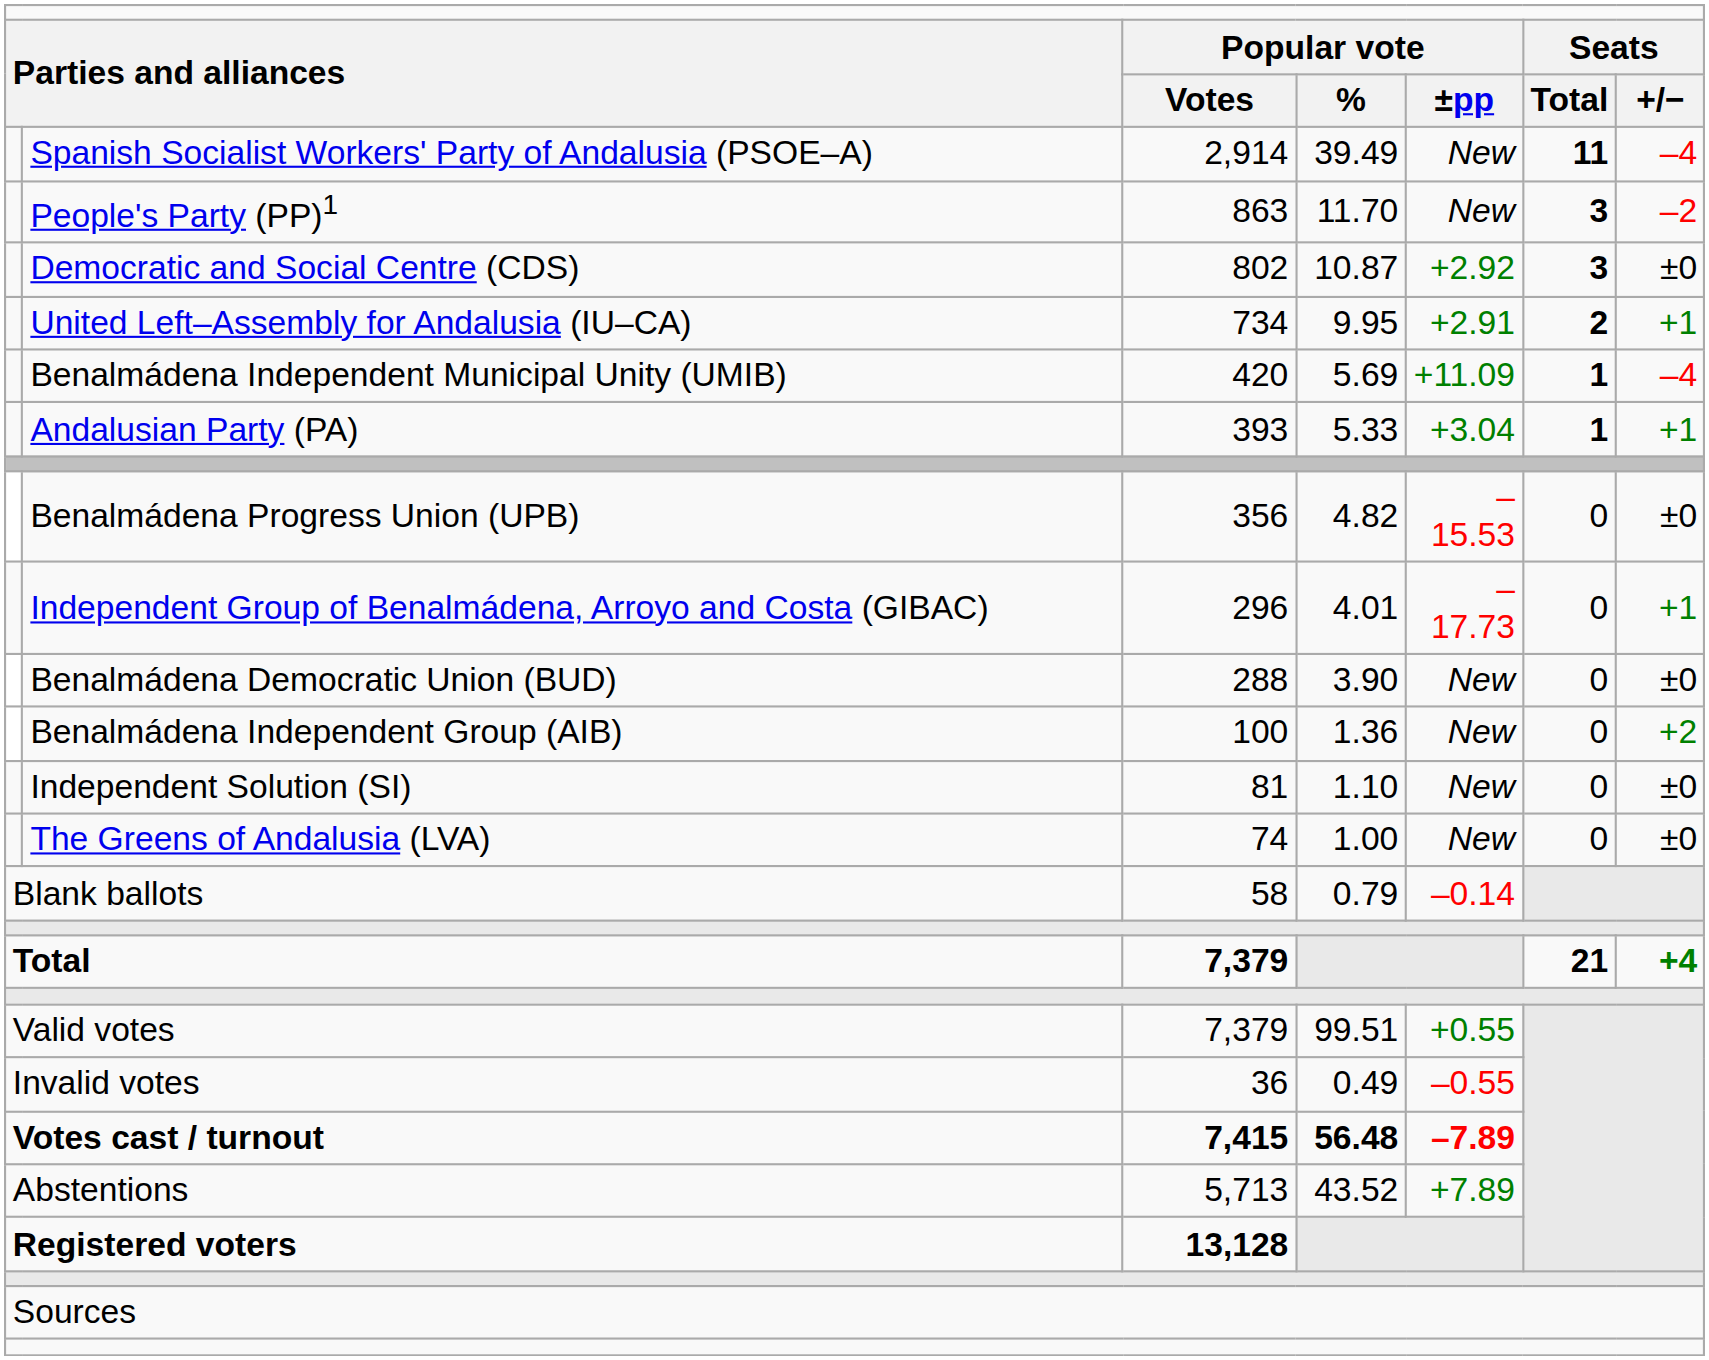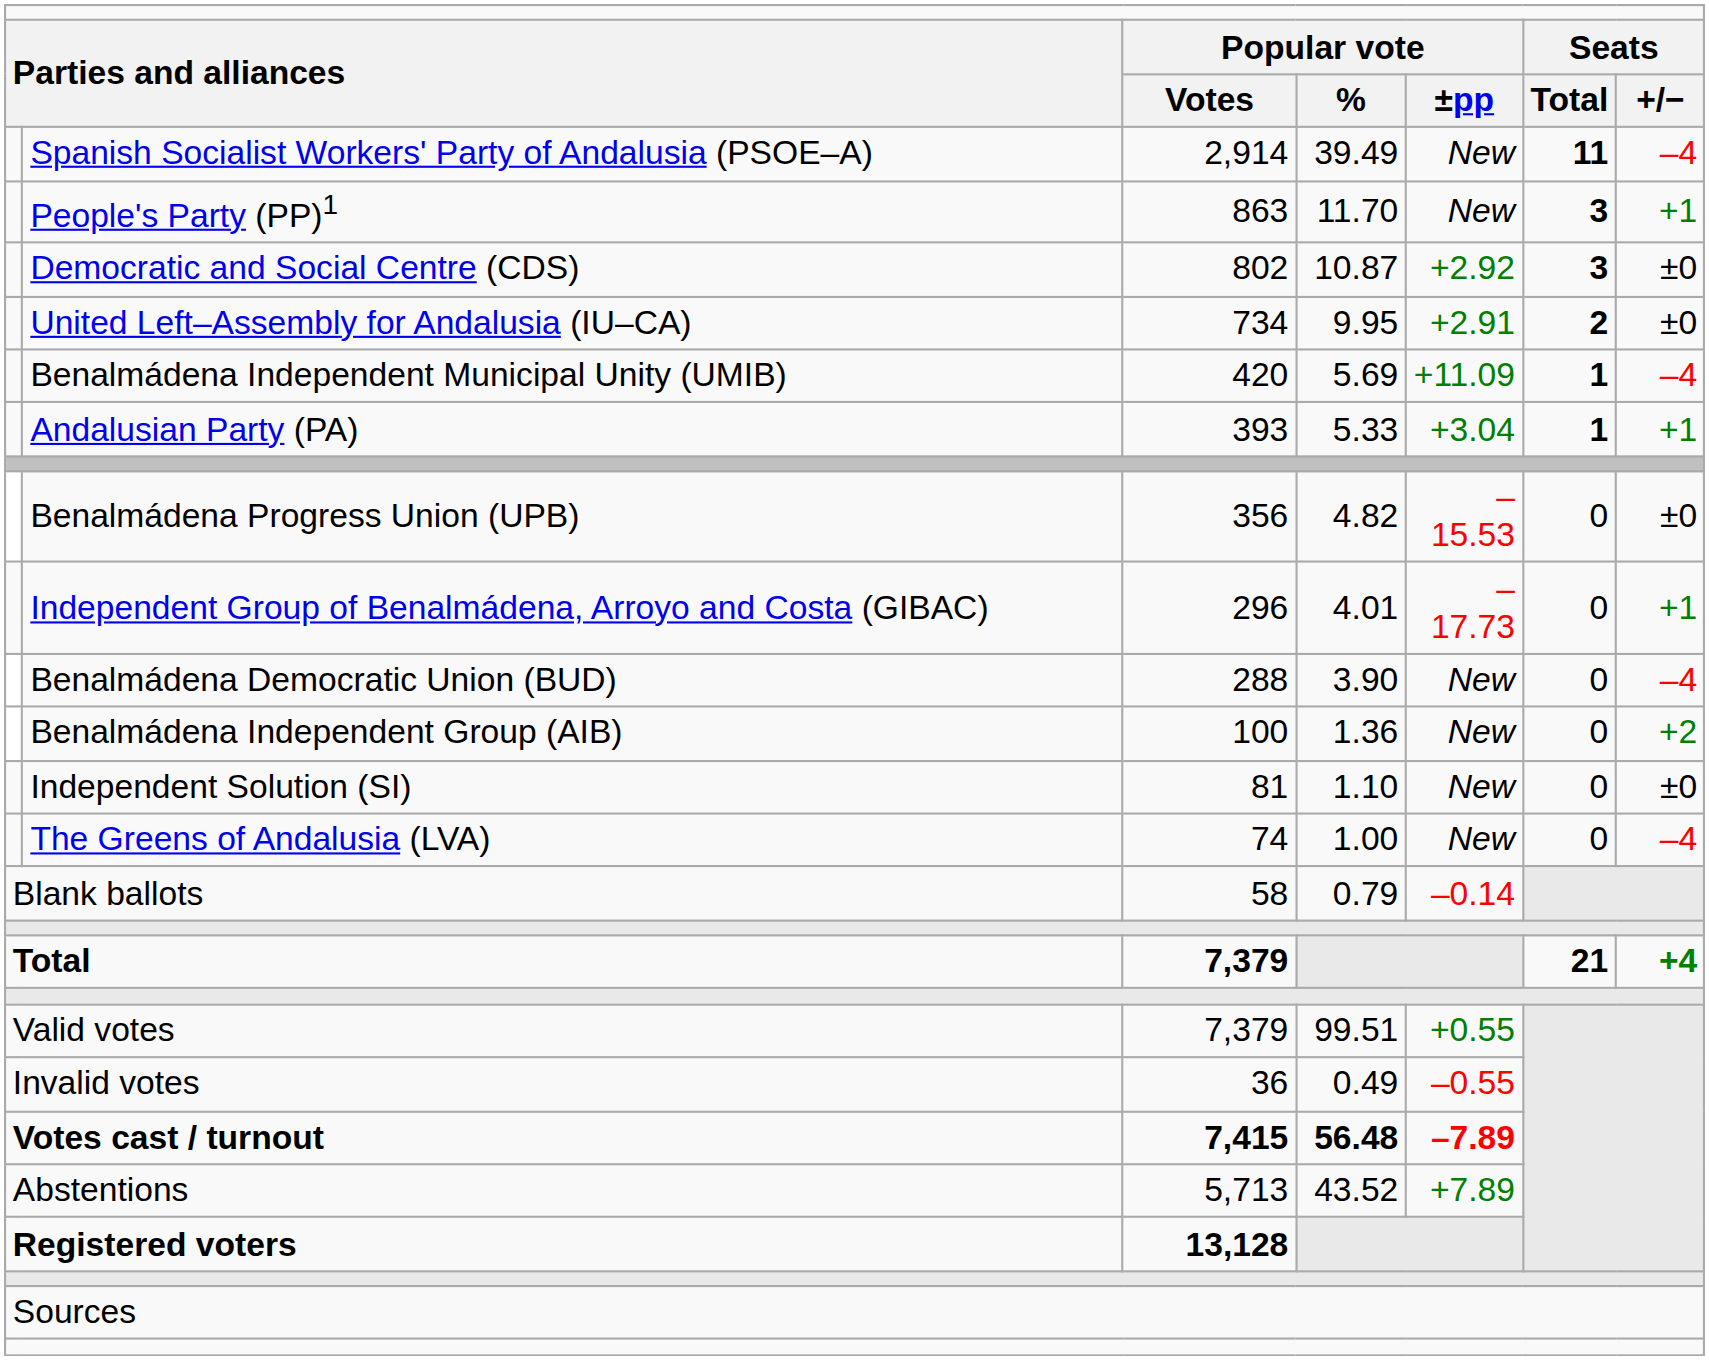 <table class="wikitable" style="text-align:right;">
 <tr>
 <td colspan="7"></td>
 </tr>
 <tr>
 <th style="text-align:left;" rowspan="2" colspan="2" width="525">Parties and alliances</th>
 <th colspan="3">Popular vote</th>
 <th colspan="2">Seats</th>
 </tr>
 <tr>
 <th width="75">Votes</th>
 <th width="45">%</th>
 <th width="45">±<a href='#'>pp</a></th>
 <th width="35">Total</th>
 <th width="35">+/−</th>
 </tr>
 <tr>
 <td width="1" style="color:inherit;background:"></td>
 <td align="left"><a href='#'>Spanish Socialist Workers' Party of Andalusia</a> (PSOE–A)</td>
 <td>2,914</td>
 <td>39.49</td>
 <td><em>New</em></td>
 <td><strong>11</strong></td>
 <td style="color:red;">–4</td>
 </tr>
 <tr>
 <td style="color:inherit;background:"></td>
 <td align="left"><a href='#'>People's Party</a> (PP)<sup>1</sup></td>
 <td>863</td>
 <td>11.70</td>
 <td><em>New</em></td>
 <td><strong>3</strong></td>
-<td style="color:red;">–2</td>
+<td style="color:green;">+1</td>
 </tr>
 <tr>
 <td style="color:inherit;background:"></td>
 <td align="left"><a href='#'>Democratic and Social Centre</a> (CDS)</td>
 <td>802</td>
 <td>10.87</td>
 <td style="color:green;">+2.92</td>
 <td><strong>3</strong></td>
 <td>±0</td>
 </tr>
 <tr>
 <td style="color:inherit;background:"></td>
 <td align="left"><a href='#'>United Left–Assembly for Andalusia</a> (IU–CA)</td>
 <td>734</td>
 <td>9.95</td>
 <td style="color:green;">+2.91</td>
 <td><strong>2</strong></td>
-<td style="color:green;">+1</td>
+<td>±0</td>
 </tr>
 <tr>
 <td style="color:inherit;background:"></td>
 <td align="left">Benalmádena Independent Municipal Unity (UMIB)</td>
 <td>420</td>
 <td>5.69</td>
 <td style="color:green;">+11.09</td>
 <td><strong>1</strong></td>
 <td style="color:red;">–4</td>
 </tr>
 <tr>
 <td style="color:inherit;background:"></td>
 <td align="left"><a href='#'>Andalusian Party</a> (PA)</td>
 <td>393</td>
 <td>5.33</td>
 <td style="color:green;">+3.04</td>
 <td><strong>1</strong></td>
 <td style="color:green;">+1</td>
 </tr>
 <tr>
 <td colspan="7" bgcolor="#C0C0C0"></td>
 </tr>
 <tr>
 <td bgcolor="white"></td>
 <td align="left">Benalmádena Progress Union (UPB)</td>
 <td>356</td>
 <td>4.82</td>
 <td style="color:red;">–15.53</td>
 <td>0</td>
 <td>±0</td>
 </tr>
 <tr>
 <td style="color:inherit;background:"></td>
 <td align="left"><a href='#'>Independent Group of Benalmádena, Arroyo and Costa</a> (GIBAC)</td>
 <td>296</td>
 <td>4.01</td>
 <td style="color:red;">–17.73</td>
 <td>0</td>
 <td style="color:green;">+1</td>
 </tr>
 <tr>
 <td bgcolor="white"></td>
 <td align="left">Benalmádena Democratic Union (BUD)</td>
 <td>288</td>
 <td>3.90</td>
 <td><em>New</em></td>
 <td>0</td>
-<td>±0</td>
+<td style="color:red;">–4</td>
 </tr>
 <tr>
 <td bgcolor="white"></td>
 <td align="left">Benalmádena Independent Group (AIB)</td>
 <td>100</td>
 <td>1.36</td>
 <td><em>New</em></td>
 <td>0</td>
 <td style="color:green;">+2</td>
 </tr>
 <tr>
 <td style="color:inherit;background:"></td>
 <td align="left">Independent Solution (SI)</td>
 <td>81</td>
 <td>1.10</td>
 <td><em>New</em></td>
 <td>0</td>
 <td>±0</td>
 </tr>
 <tr>
 <td style="color:inherit;background:"></td>
 <td align="left"><a href='#'>The Greens of Andalusia</a> (LVA)</td>
 <td>74</td>
 <td>1.00</td>
 <td><em>New</em></td>
 <td>0</td>
-<td>±0</td>
+<td style="color:red;">–4</td>
 </tr>
 <tr>
 <td align="left" colspan="2">Blank ballots</td>
 <td>58</td>
 <td>0.79</td>
 <td style="color:red;">–0.14</td>
 <td bgcolor="#E9E9E9" colspan="2"></td>
 </tr>
 <tr>
 <td colspan="7" bgcolor="#E9E9E9"></td>
 </tr>
 <tr style="font-weight:bold;">
 <td align="left" colspan="2">Total</td>
 <td>7,379</td>
 <td bgcolor="#E9E9E9" colspan="2"></td>
 <td>21</td>
 <td style="color:green;">+4</td>
 </tr>
 <tr>
 <td colspan="7" bgcolor="#E9E9E9"></td>
 </tr>
 <tr>
 <td align="left" colspan="2">Valid votes</td>
 <td>7,379</td>
 <td>99.51</td>
 <td style="color:green;">+0.55</td>
 <td bgcolor="#E9E9E9" colspan="2" rowspan="5"></td>
 </tr>
 <tr>
 <td align="left" colspan="2">Invalid votes</td>
 <td>36</td>
 <td>0.49</td>
 <td style="color:red;">–0.55</td>
 </tr>
 <tr style="font-weight:bold;">
 <td align="left" colspan="2">Votes cast / turnout</td>
 <td>7,415</td>
 <td>56.48</td>
 <td style="color:red;">–7.89</td>
 </tr>
 <tr>
 <td align="left" colspan="2">Abstentions</td>
 <td>5,713</td>
 <td>43.52</td>
 <td style="color:green;">+7.89</td>
 </tr>
 <tr style="font-weight:bold;">
 <td align="left" colspan="2">Registered voters</td>
 <td>13,128</td>
 <td bgcolor="#E9E9E9" colspan="2"></td>
 </tr>
 <tr>
 <td colspan="7" bgcolor="#E9E9E9"></td>
 </tr>
 <tr>
 <td align="left" colspan="7">Sources</td>
 </tr>
 <tr>
 <td colspan="7" style="text-align:left; max-width:790px;"></td>
 </tr>
 </table>
